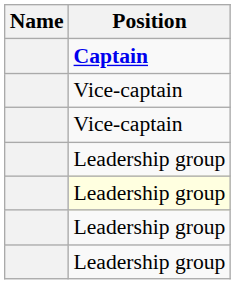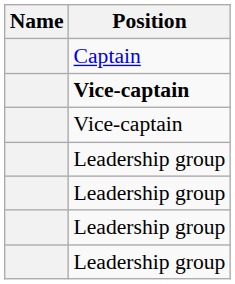 <table class="wikitable plainrowheaders sortable">
 <tr>
 <th scope="col">Name</th>
 <th scope="col">Position</th>
 </tr>
 <tr>
 <th scope="row"></th>
-<td><strong><a href='#'>Captain</a></strong></td>
+<td><a href='#'>Captain</a></td>
 </tr>
 <tr>
 <th scope="row"></th>
-<td>Vice-captain</td>
+<td><strong>Vice-captain</strong></td>
 </tr>
 <tr>
 <th scope="row"></th>
 <td>Vice-captain</td>
 </tr>
 <tr>
 <th scope="row"></th>
 <td>Leadership group</td>
 </tr>
 <tr>
 <th scope="row"></th>
-<td style="background: lightyellow;">Leadership group</td>
+<td>Leadership group</td>
 </tr>
 <tr>
 <th scope="row"></th>
 <td>Leadership group</td>
 </tr>
 <tr>
 <th scope="row"></th>
 <td>Leadership group</td>
 </tr>
 </table>
